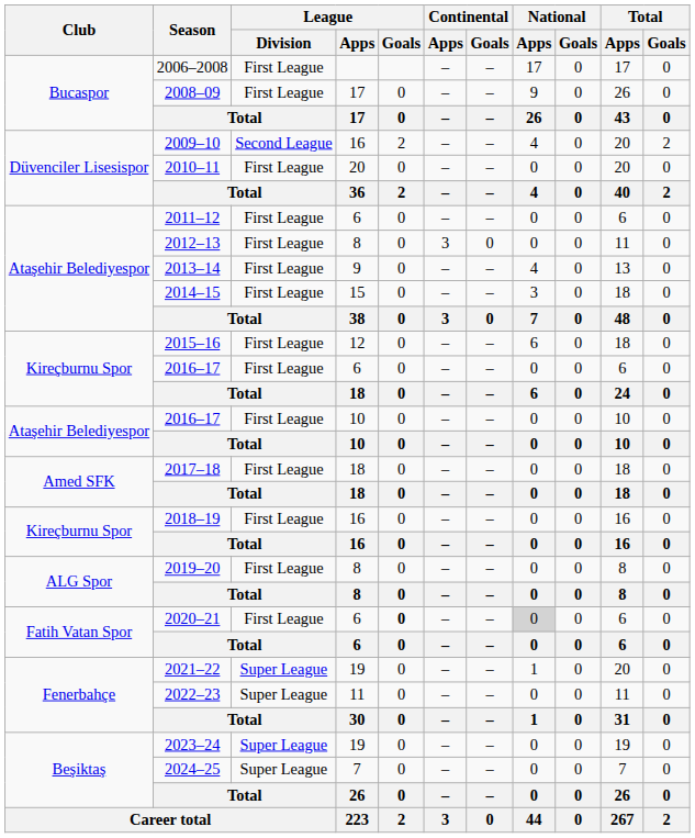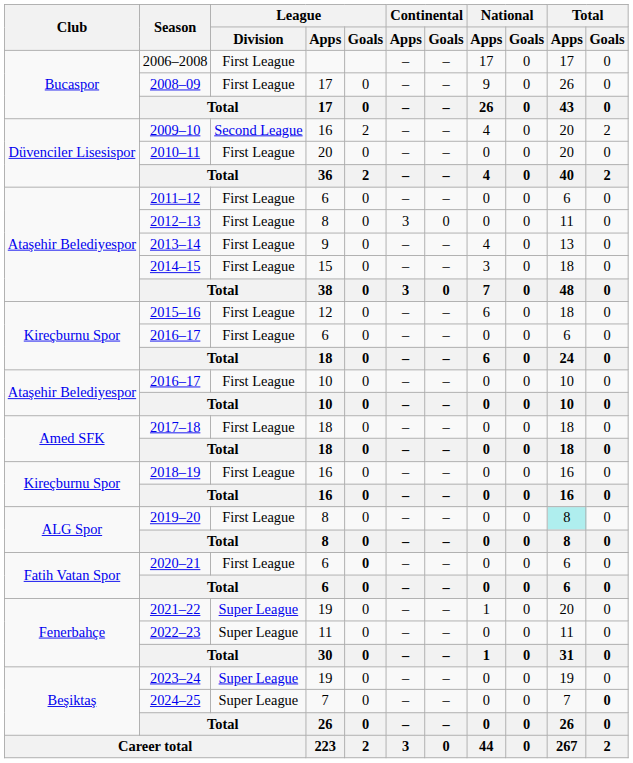 <table class="wikitable" style="text-align: center;">
 <tr>
 <th rowspan=2>Club</th>
 <th rowspan=2>Season</th>
 <th colspan=3>League</th>
 <th colspan=2>Continental</th>
 <th colspan=2>National</th>
 <th colspan=2>Total</th>
 </tr>
 <tr>
 <th>Division</th>
 <th>Apps</th>
 <th>Goals</th>
 <th>Apps</th>
 <th>Goals</th>
 <th>Apps</th>
 <th>Goals</th>
 <th>Apps</th>
 <th>Goals</th>
 </tr>
 <tr>
 <td rowspan=3><a href='#'>Bucaspor</a></td>
 <td>2006–2008</td>
 <td>First League</td>
 <td></td>
 <td></td>
 <td>–</td>
 <td>–</td>
 <td>17</td>
 <td>0</td>
 <td>17</td>
 <td>0</td>
 </tr>
 <tr>
 <td><a href='#'>2008–09</a></td>
 <td>First League</td>
 <td>17</td>
 <td>0</td>
 <td>–</td>
 <td>–</td>
 <td>9</td>
 <td>0</td>
 <td>26</td>
 <td>0</td>
 </tr>
 <tr>
 <th colspan=2>Total</th>
 <th>17</th>
 <th>0</th>
 <th>–</th>
 <th>–</th>
 <th>26</th>
 <th>0</th>
 <th>43</th>
 <th>0</th>
 </tr>
 <tr>
 <td rowspan=3><a href='#'>Düvenciler Lisesispor</a></td>
 <td><a href='#'>2009–10</a></td>
 <td><a href='#'>Second League</a></td>
 <td>16</td>
 <td>2</td>
 <td>–</td>
 <td>–</td>
 <td>4</td>
 <td>0</td>
 <td>20</td>
 <td>2</td>
 </tr>
 <tr>
 <td><a href='#'>2010–11</a></td>
 <td>First League</td>
 <td>20</td>
 <td>0</td>
 <td>–</td>
 <td>–</td>
 <td>0</td>
 <td>0</td>
 <td>20</td>
 <td>0</td>
 </tr>
 <tr>
 <th colspan=2>Total</th>
 <th>36</th>
 <th>2</th>
 <th>–</th>
 <th>–</th>
 <th>4</th>
 <th>0</th>
 <th>40</th>
 <th>2</th>
 </tr>
 <tr>
 <td rowspan=5><a href='#'>Ataşehir Belediyespor</a></td>
 <td><a href='#'>2011–12</a></td>
 <td>First League</td>
 <td>6</td>
 <td>0</td>
 <td>–</td>
 <td>–</td>
 <td>0</td>
 <td>0</td>
 <td>6</td>
 <td>0</td>
 </tr>
 <tr>
 <td><a href='#'>2012–13</a></td>
 <td>First League</td>
 <td>8</td>
 <td>0</td>
 <td>3</td>
 <td>0</td>
 <td>0</td>
 <td>0</td>
 <td>11</td>
 <td>0</td>
 </tr>
 <tr>
 <td><a href='#'>2013–14</a></td>
 <td>First League</td>
 <td>9</td>
 <td>0</td>
 <td>–</td>
 <td>–</td>
 <td>4</td>
 <td>0</td>
 <td>13</td>
 <td>0</td>
 </tr>
 <tr>
 <td><a href='#'>2014–15</a></td>
 <td>First League</td>
 <td>15</td>
 <td>0</td>
 <td>–</td>
 <td>–</td>
 <td>3</td>
 <td>0</td>
 <td>18</td>
 <td>0</td>
 </tr>
 <tr>
 <th colspan=2>Total</th>
 <th>38</th>
 <th>0</th>
 <th>3</th>
 <th>0</th>
 <th>7</th>
 <th>0</th>
 <th>48</th>
 <th>0</th>
 </tr>
 <tr>
 <td rowspan=3><a href='#'>Kireçburnu Spor</a></td>
 <td><a href='#'>2015–16</a></td>
 <td>First League</td>
 <td>12</td>
 <td>0</td>
 <td>–</td>
 <td>–</td>
 <td>6</td>
 <td>0</td>
 <td>18</td>
 <td>0</td>
 </tr>
 <tr>
 <td><a href='#'>2016–17</a></td>
 <td>First League</td>
 <td>6</td>
 <td>0</td>
 <td>–</td>
 <td>–</td>
 <td>0</td>
 <td>0</td>
 <td>6</td>
 <td>0</td>
 </tr>
 <tr>
 <th colspan=2>Total</th>
 <th>18</th>
 <th>0</th>
 <th>–</th>
 <th>–</th>
 <th>6</th>
 <th>0</th>
 <th>24</th>
 <th>0</th>
 </tr>
 <tr>
 <td rowspan=2><a href='#'>Ataşehir Belediyespor</a></td>
 <td><a href='#'>2016–17</a></td>
 <td>First League</td>
 <td>10</td>
 <td>0</td>
 <td>–</td>
 <td>–</td>
 <td>0</td>
 <td>0</td>
 <td>10</td>
 <td>0</td>
 </tr>
 <tr>
 <th colspan=2>Total</th>
 <th>10</th>
 <th>0</th>
 <th>–</th>
 <th>–</th>
 <th>0</th>
 <th>0</th>
 <th>10</th>
 <th>0</th>
 </tr>
 <tr>
 <td rowspan=2><a href='#'>Amed SFK</a></td>
 <td><a href='#'>2017–18</a></td>
 <td>First League</td>
 <td>18</td>
 <td>0</td>
 <td>–</td>
 <td>–</td>
 <td>0</td>
 <td>0</td>
 <td>18</td>
 <td>0</td>
 </tr>
 <tr>
 <th colspan=2>Total</th>
 <th>18</th>
 <th>0</th>
 <th>–</th>
 <th>–</th>
 <th>0</th>
 <th>0</th>
 <th>18</th>
 <th>0</th>
 </tr>
 <tr>
 <td rowspan=2><a href='#'>Kireçburnu Spor</a></td>
 <td><a href='#'>2018–19</a></td>
 <td>First League</td>
 <td>16</td>
 <td>0</td>
 <td>–</td>
 <td>–</td>
 <td>0</td>
 <td>0</td>
 <td>16</td>
 <td>0</td>
 </tr>
 <tr>
 <th colspan=2>Total</th>
 <th>16</th>
 <th>0</th>
 <th>–</th>
 <th>–</th>
 <th>0</th>
 <th>0</th>
 <th>16</th>
 <th>0</th>
 </tr>
 <tr>
 <td rowspan=2><a href='#'>ALG Spor</a></td>
 <td><a href='#'>2019–20</a></td>
 <td>First League</td>
 <td>8</td>
 <td>0</td>
 <td>–</td>
 <td>–</td>
 <td>0</td>
 <td>0</td>
-<td>8</td>
+<td style="background: paleturquoise;">8</td>
 <td>0</td>
 </tr>
 <tr>
 <th colspan=2>Total</th>
 <th>8</th>
 <th>0</th>
 <th>–</th>
 <th>–</th>
 <th>0</th>
 <th>0</th>
 <th>8</th>
 <th>0</th>
 </tr>
 <tr>
 <td rowspan=2><a href='#'>Fatih Vatan Spor</a></td>
 <td><a href='#'>2020–21</a></td>
 <td>First League</td>
 <td>6</td>
 <td><strong>0</strong></td>
 <td>–</td>
 <td>–</td>
-<td style="background: lightgrey;">0</td>
+<td>0</td>
 <td>0</td>
 <td>6</td>
 <td>0</td>
 </tr>
 <tr>
 <th colspan=2>Total</th>
 <th>6</th>
 <th>0</th>
 <th>–</th>
 <th>–</th>
 <th>0</th>
 <th>0</th>
 <th>6</th>
 <th>0</th>
 </tr>
 <tr>
 <td rowspan=3><a href='#'>Fenerbahçe</a></td>
 <td><a href='#'>2021–22</a></td>
 <td><a href='#'>Super League</a></td>
 <td>19</td>
 <td>0</td>
 <td>–</td>
 <td>–</td>
 <td>1</td>
 <td>0</td>
 <td>20</td>
 <td>0</td>
 </tr>
 <tr>
 <td><a href='#'>2022–23</a></td>
 <td>Super League</td>
 <td>11</td>
 <td>0</td>
 <td>–</td>
 <td>–</td>
 <td>0</td>
 <td>0</td>
 <td>11</td>
 <td>0</td>
 </tr>
 <tr>
 <th colspan=2>Total</th>
 <th>30</th>
 <th>0</th>
 <th>–</th>
 <th>–</th>
 <th>1</th>
 <th>0</th>
 <th>31</th>
 <th>0</th>
 </tr>
 <tr>
 <td rowspan=3><a href='#'>Beşiktaş</a></td>
 <td><a href='#'>2023–24</a></td>
 <td><a href='#'>Super League</a></td>
 <td>19</td>
 <td>0</td>
 <td>–</td>
 <td>–</td>
 <td>0</td>
 <td>0</td>
 <td>19</td>
 <td>0</td>
 </tr>
 <tr>
 <td><a href='#'>2024–25</a></td>
 <td>Super League</td>
 <td>7</td>
 <td>0</td>
 <td>–</td>
 <td>–</td>
 <td>0</td>
 <td>0</td>
 <td>7</td>
-<td>0</td>
+<td><strong>0</strong></td>
 </tr>
 <tr>
 <th colspan=2>Total</th>
 <th>26</th>
 <th>0</th>
 <th>–</th>
 <th>–</th>
 <th>0</th>
 <th>0</th>
 <th>26</th>
 <th>0</th>
 </tr>
 <tr>
 <th colspan=3>Career total</th>
 <th>223</th>
 <th>2</th>
 <th>3</th>
 <th>0</th>
 <th>44</th>
 <th>0</th>
 <th>267</th>
 <th>2</th>
 </tr>
 </table>
